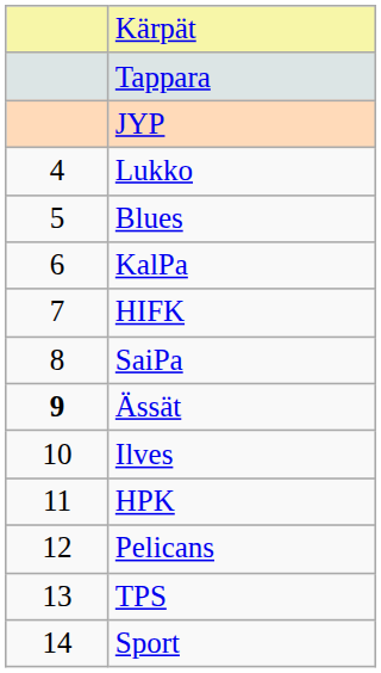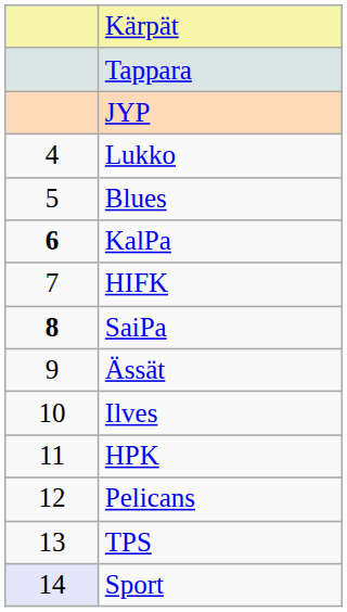 <table class="wikitable" style="width:200px;">
 <tr style="background:#F7F6A8;">
 <td align=center></td>
 <td><a href='#'>Kärpät</a></td>
 </tr>
 <tr style="background:#DCE5E5;">
 <td align=center></td>
 <td><a href='#'>Tappara</a></td>
 </tr>
 <tr style="background:#FFDAB9;">
 <td align=center></td>
 <td><a href='#'>JYP</a></td>
 </tr>
 <tr>
 <td align=center>4</td>
 <td><a href='#'>Lukko</a></td>
 </tr>
 <tr>
 <td align=center>5</td>
 <td><a href='#'>Blues</a></td>
 </tr>
 <tr>
-<td align=center>6</td>
+<td align=center><strong>6</strong></td>
 <td><a href='#'>KalPa</a></td>
 </tr>
 <tr>
 <td align=center>7</td>
 <td><a href='#'>HIFK</a></td>
 </tr>
 <tr>
-<td align=center>8</td>
+<td align=center><strong>8</strong></td>
 <td><a href='#'>SaiPa</a></td>
 </tr>
 <tr>
-<td align=center><strong>9</strong></td>
+<td align=center>9</td>
 <td><a href='#'>Ässät</a></td>
 </tr>
 <tr>
 <td align=center>10</td>
 <td><a href='#'>Ilves</a></td>
 </tr>
 <tr>
 <td align=center>11</td>
 <td><a href='#'>HPK</a></td>
 </tr>
 <tr>
 <td align=center>12</td>
 <td><a href='#'>Pelicans</a></td>
 </tr>
 <tr>
 <td align=center>13</td>
 <td><a href='#'>TPS</a></td>
 </tr>
 <tr>
-<td align=center>14</td>
+<td align=center style="background: lavender;">14</td>
 <td><a href='#'>Sport</a></td>
 </tr>
 </table>
